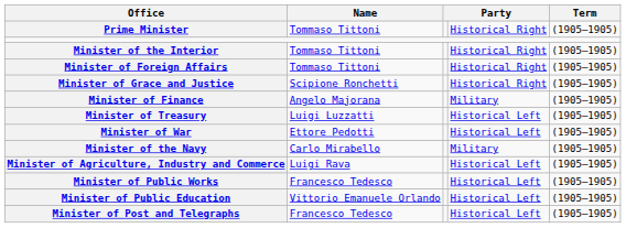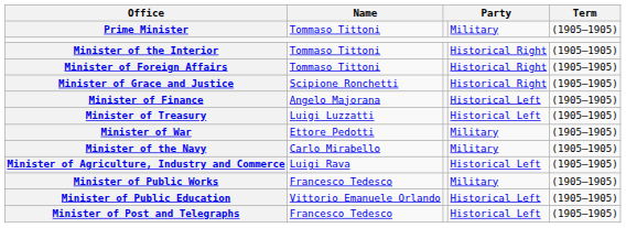 <table class="wikitable" style="font-size: 100%;">
 <tr>
 <th>Office</th>
 <th>Name</th>
 <th colspan=2>Party</th>
 <th>Term</th>
 </tr>
 <tr>
 <th><a href='#'>Prime Minister</a></th>
 <td><a href='#'>Tommaso Tittoni</a></td>
 <td style="color:inherit;background:"></td>
-<td><a href='#'>Historical Right</a></td>
+<td><a href='#'>Military</a></td>
 <td>(1905–1905)</td>
 </tr>
 <tr>
 <td colspan=6></td>
 </tr>
 <tr>
 <th><a href='#'>Minister of the Interior</a></th>
 <td><a href='#'>Tommaso Tittoni</a></td>
 <td style="color:inherit;background:"></td>
 <td><a href='#'>Historical Right</a></td>
 <td>(1905–1905)</td>
 </tr>
 <tr>
 <th><a href='#'>Minister of Foreign Affairs</a></th>
 <td><a href='#'>Tommaso Tittoni</a></td>
 <td style="color:inherit;background:"></td>
 <td><a href='#'>Historical Right</a></td>
 <td>(1905–1905)</td>
 </tr>
 <tr>
 <th><a href='#'>Minister of Grace and Justice</a></th>
 <td><a href='#'>Scipione Ronchetti</a></td>
 <td style="color:inherit;background:"></td>
 <td><a href='#'>Historical Right</a></td>
 <td>(1905–1905)</td>
 </tr>
 <tr>
 <th><a href='#'>Minister of Finance</a></th>
 <td><a href='#'>Angelo Majorana</a></td>
 <td style="color:inherit;background:"></td>
-<td><a href='#'>Military</a></td>
+<td><a href='#'>Historical Left</a></td>
 <td>(1905–1905)</td>
 </tr>
 <tr>
 <th><a href='#'>Minister of Treasury</a></th>
 <td><a href='#'>Luigi Luzzatti</a></td>
 <td style="color:inherit;background:"></td>
 <td><a href='#'>Historical Left</a></td>
 <td>(1905–1905)</td>
 </tr>
 <tr>
 <th><a href='#'>Minister of War</a></th>
 <td><a href='#'>Ettore Pedotti</a></td>
 <td style="color:inherit;background:"></td>
-<td><a href='#'>Historical Left</a></td>
+<td><a href='#'>Military</a></td>
 <td>(1905–1905)</td>
 </tr>
 <tr>
 <th><a href='#'>Minister of the Navy</a></th>
 <td><a href='#'>Carlo Mirabello</a></td>
 <td style="color:inherit;background:"></td>
 <td><a href='#'>Military</a></td>
 <td>(1905–1905)</td>
 </tr>
 <tr>
 <th><a href='#'>Minister of Agriculture, Industry and Commerce</a></th>
 <td><a href='#'>Luigi Rava</a></td>
 <td style="color:inherit;background:"></td>
 <td><a href='#'>Historical Left</a></td>
 <td>(1905–1905)</td>
 </tr>
 <tr>
 <th><a href='#'>Minister of Public Works</a></th>
 <td><a href='#'>Francesco Tedesco</a></td>
 <td style="color:inherit;background:"></td>
-<td><a href='#'>Historical Left</a></td>
+<td><a href='#'>Military</a></td>
 <td>(1905–1905)</td>
 </tr>
 <tr>
 <th><a href='#'>Minister of Public Education</a></th>
 <td><a href='#'>Vittorio Emanuele Orlando</a></td>
 <td style="color:inherit;background:"></td>
 <td><a href='#'>Historical Left</a></td>
 <td>(1905–1905)</td>
 </tr>
 <tr>
 <th><a href='#'>Minister of Post and Telegraphs</a></th>
 <td><a href='#'>Francesco Tedesco</a></td>
 <td style="color:inherit;background:"></td>
 <td><a href='#'>Historical Left</a></td>
 <td>(1905–1905)</td>
 </tr>
 </table>
